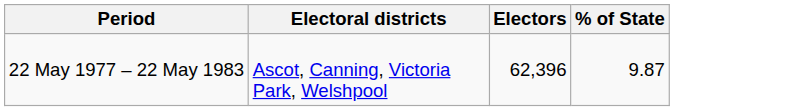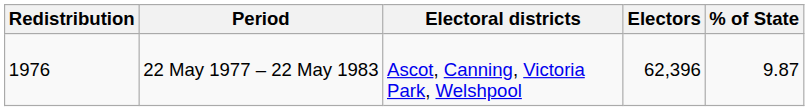 <table class="wikitable">
 <tr>
+<th>Redistribution</th>
 <th>Period</th>
 <th>Electoral districts</th>
 <th>Electors</th>
 <th>% of State</th>
 </tr>
 <tr>
+<td>1976</td>
 <td>22 May 1977 – 22 May 1983</td>
 <td width=200><br><a href='#'>Ascot</a>,  <a href='#'>Canning</a>,  <a href='#'>Victoria Park</a>,  <a href='#'>Welshpool</a></td>
 <td align=right>62,396</td>
 <td align=right>9.87</td>
 </tr>
 </table>
